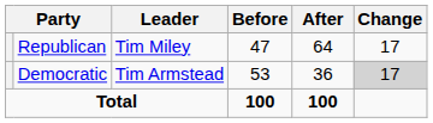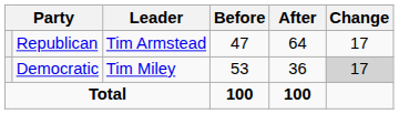 <table class="wikitable" style="text-align:center;">
 <tr>
 <th colspan="2">Party</th>
 <th>Leader</th>
 <th style="width:3em">Before</th>
 <th style="width:3em">After</th>
 <th style="width:3em">Change</th>
 </tr>
 <tr>
 <th style="background-color:"></th>
 <td style="text-align:left;"><a href='#'>Republican</a></td>
-<td style="text-align:left;"><a href='#'>Tim Miley</a></td>
+<td style="text-align:left;"><a href='#'>Tim Armstead</a></td>
 <td>47</td>
 <td>64</td>
 <td> 17</td>
 </tr>
 <tr>
 <th style="background-color:"></th>
 <td style="text-align:left;"><a href='#'>Democratic</a></td>
-<td style="text-align:left;"><a href='#'>Tim Armstead</a></td>
+<td style="text-align:left;"><a href='#'>Tim Miley</a></td>
 <td>53</td>
 <td>36</td>
 <td style="background: lightgrey;"> 17</td>
 </tr>
 <tr>
 <td colspan="3"><strong>Total</strong></td>
 <td><strong>100</strong></td>
 <td><strong>100</strong></td>
 <td></td>
 </tr>
 </table>
